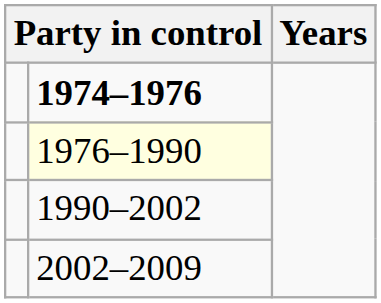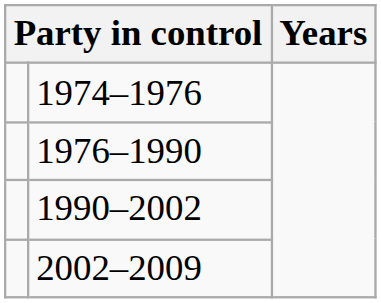 <table class="wikitable">
 <tr>
 <th colspan="2">Party in control</th>
 <th>Years</th>
 </tr>
 <tr>
 <td></td>
-<td><strong>1974–1976</strong></td>
+<td>1974–1976</td>
 </tr>
 <tr>
 <td></td>
-<td style="background: lightyellow;">1976–1990</td>
+<td>1976–1990</td>
 </tr>
 <tr>
 <td></td>
 <td>1990–2002</td>
 </tr>
 <tr>
 <td></td>
 <td>2002–2009</td>
 </tr>
 </table>
